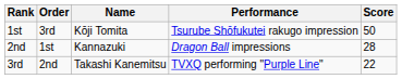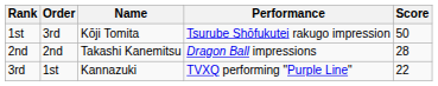 <table class="wikitable">
 <tr>
 <th>Rank</th>
 <th>Order</th>
 <th>Name</th>
 <th>Performance</th>
 <th>Score</th>
 </tr>
 <tr>
 <td>1st</td>
 <td>3rd</td>
 <td>Kōji Tomita</td>
 <td><a href='#'>Tsurube Shōfukutei</a> rakugo impression</td>
 <td>50</td>
 </tr>
 <tr>
 <td>2nd</td>
-<td>1st</td>
-<td>Kannazuki</td>
+<td>2nd</td>
+<td>Takashi Kanemitsu</td>
 <td><em><a href='#'>Dragon Ball</a></em> impressions</td>
 <td>28</td>
 </tr>
 <tr>
 <td>3rd</td>
-<td>2nd</td>
-<td>Takashi Kanemitsu</td>
+<td>1st</td>
+<td>Kannazuki</td>
 <td><a href='#'>TVXQ</a> performing "<a href='#'>Purple Line</a>"</td>
 <td>22</td>
 </tr>
 </table>
